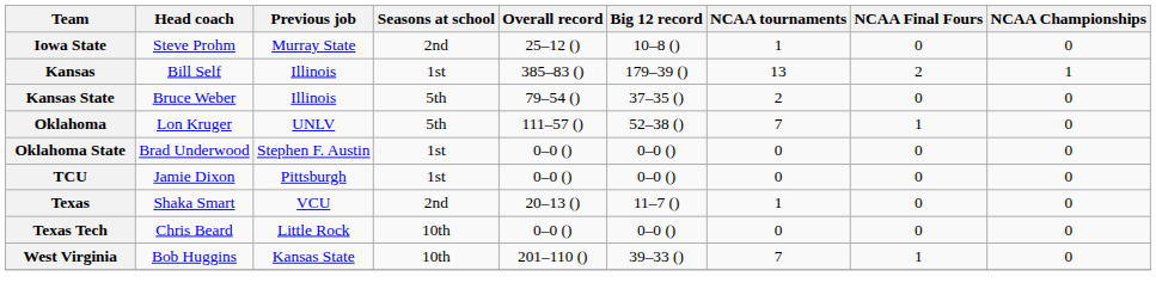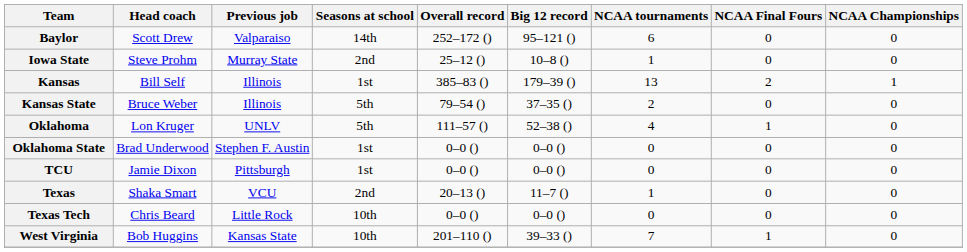 <table class="wikitable sortable" style="text-align: center;font-size:90%;">
 <tr>
 <th width="110">Team</th>
 <th>Head coach</th>
 <th>Previous job</th>
 <th>Seasons at school</th>
 <th>Overall record</th>
 <th>Big 12 record</th>
 <th>NCAA tournaments</th>
 <th>NCAA Final Fours</th>
 <th>NCAA Championships</th>
+</tr>
+<tr>
+<th style="background:#">Baylor</th>
+<td><a href='#'>Scott Drew</a></td>
+<td><a href='#'>Valparaiso</a></td>
+<td>14th</td>
+<td>252–172 ()</td>
+<td>95–121 ()</td>
+<td>6</td>
+<td>0</td>
+<td>0</td>
 </tr>
 <tr>
 <th style="background:#">Iowa State</th>
 <td><a href='#'>Steve Prohm</a></td>
 <td><a href='#'>Murray State</a></td>
 <td>2nd</td>
 <td>25–12 ()</td>
 <td>10–8 ()</td>
 <td>1</td>
 <td>0</td>
 <td>0</td>
 </tr>
 <tr>
 <th style="background:#">Kansas</th>
 <td><a href='#'>Bill Self</a></td>
 <td><a href='#'>Illinois</a></td>
 <td>1st</td>
 <td>385–83 ()</td>
 <td>179–39 ()</td>
 <td>13</td>
 <td>2</td>
 <td>1</td>
 </tr>
 <tr>
 <th style="background:#">Kansas State</th>
 <td><a href='#'>Bruce Weber</a></td>
 <td><a href='#'>Illinois</a></td>
 <td>5th</td>
 <td>79–54 ()</td>
 <td>37–35 ()</td>
 <td>2</td>
 <td>0</td>
 <td>0</td>
 </tr>
 <tr>
 <th style="background:#">Oklahoma</th>
 <td><a href='#'>Lon Kruger</a></td>
 <td><a href='#'>UNLV</a></td>
 <td>5th</td>
 <td>111–57 ()</td>
 <td>52–38 ()</td>
-<td>7</td>
+<td>4</td>
 <td>1</td>
 <td>0</td>
 </tr>
 <tr>
 <th style="background:#">Oklahoma State</th>
 <td><a href='#'>Brad Underwood</a></td>
 <td><a href='#'>Stephen F. Austin</a></td>
 <td>1st</td>
 <td>0–0 ()</td>
 <td>0–0 ()</td>
 <td>0</td>
 <td>0</td>
 <td>0</td>
 </tr>
 <tr>
 <th style="background:#">TCU</th>
 <td><a href='#'>Jamie Dixon</a></td>
 <td><a href='#'>Pittsburgh</a></td>
 <td>1st</td>
 <td>0–0 ()</td>
 <td>0–0 ()</td>
 <td>0</td>
 <td>0</td>
 <td>0</td>
 </tr>
 <tr>
 <th style="background:#">Texas</th>
 <td><a href='#'>Shaka Smart</a></td>
 <td><a href='#'>VCU</a></td>
 <td>2nd</td>
 <td>20–13 ()</td>
 <td>11–7 ()</td>
 <td>1</td>
 <td>0</td>
 <td>0</td>
 </tr>
 <tr>
 <th style="background:#">Texas Tech</th>
 <td><a href='#'>Chris Beard</a></td>
 <td><a href='#'>Little Rock</a></td>
 <td>10th</td>
 <td>0–0 ()</td>
 <td>0–0 ()</td>
 <td>0</td>
 <td>0</td>
 <td>0</td>
 </tr>
 <tr>
 <th style="background:#">West Virginia</th>
 <td><a href='#'>Bob Huggins</a></td>
 <td><a href='#'>Kansas State</a></td>
 <td>10th</td>
 <td>201–110 ()</td>
 <td>39–33 ()</td>
 <td>7</td>
 <td>1</td>
 <td>0</td>
 </tr>
 <tr>
 </tr>
 </table>
